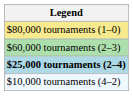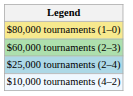 <table class=wikitable style="font-size:85%;">
 <tr>
 <th>Legend</th>
 </tr>
 <tr style="background:#f7e98e;">
 <td>$80,000 tournaments (1–0)</td>
 </tr>
 <tr style="background:#addfad;">
 <td>$60,000 tournaments (2–3)</td>
 </tr>
 <tr style="background:lightblue;">
-<td><strong>$25,000 tournaments (2–4)</strong></td>
+<td>$25,000 tournaments (2–4)</td>
 </tr>
 <tr style="background:#f0f8ff;">
 <td>$10,000 tournaments (4–2)</td>
 </tr>
 </table>
